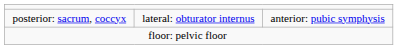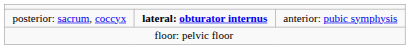 <table class="wikitable">
 <tr>
 <td colspan=3></td>
 </tr>
 <tr>
 <td>  posterior: <a href='#'>sacrum</a>, <a href='#'>coccyx</a>  </td>
-<td>  lateral: <a href='#'>obturator internus</a>  </td>
+<td><strong>  lateral: <a href='#'>obturator internus</a>  </strong></td>
 <td>  anterior: <a href='#'>pubic symphysis</a>  </td>
 </tr>
 <tr>
 <td colspan=3 style="text-align:center;">floor: pelvic floor           </td>
 </tr>
 </table>
